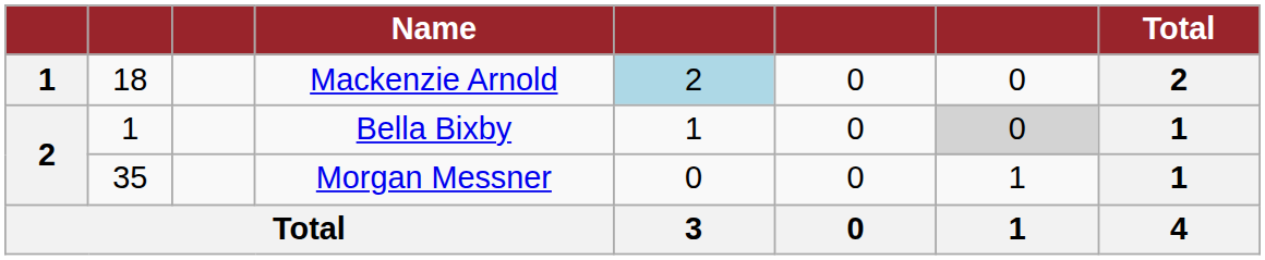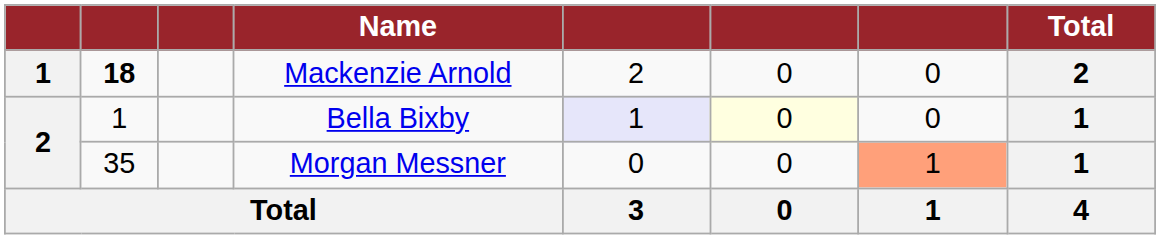 <table class="wikitable sortable" style="text-align:center;">
 <tr>
 <th style="background:#99242B; color:#FFFFFF; width:35px;" scope="col"></th>
 <th style="background:#99242B; color:#FFFFFF; width:35px;" scope="col"></th>
 <th style="background:#99242B; color:#FFFFFF; width:35px;" scope="col"></th>
 <th style="background:#99242B; color:#FFFFFF; width:175px;" scope="col">Name</th>
 <th style="background:#99242B; color:#FFFFFF; width:75px;" scope="col"></th>
 <th style="background:#99242B; color:#FFFFFF; width:75px;" scope="col"></th>
 <th style="background:#99242B; color:#FFFFFF; width:75px;" scope="col"></th>
 <th style="background:#99242B; color:#FFFFFF; width:75px;" scope="col">Total</th>
 </tr>
 <tr>
 <th>1</th>
-<td>18</td>
+<td><strong>18</strong></td>
 <td></td>
 <td><a href='#'>Mackenzie Arnold</a></td>
-<td style="background: lightblue;">2</td>
+<td>2</td>
 <td>0</td>
 <td>0</td>
 <th>2</th>
 </tr>
 <tr>
 <th rowspan=2>2</th>
 <td>1</td>
 <td></td>
 <td><a href='#'>Bella Bixby</a></td>
-<td>1</td>
+<td style="background: lavender;">1</td>
+<td style="background: lightyellow;">0</td>
 <td>0</td>
-<td style="background: lightgrey;">0</td>
 <th>1</th>
 </tr>
 <tr>
 <td>35</td>
 <td></td>
 <td><a href='#'>Morgan Messner</a></td>
 <td>0</td>
 <td>0</td>
-<td>1</td>
+<td style="background: lightsalmon;">1</td>
 <th>1</th>
 </tr>
 <tr>
 <th colspan="4">Total</th>
 <th>3</th>
 <th>0</th>
 <th>1</th>
 <th>4</th>
 </tr>
 </table>
